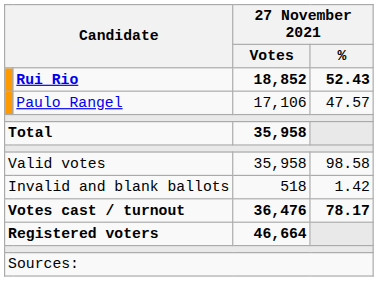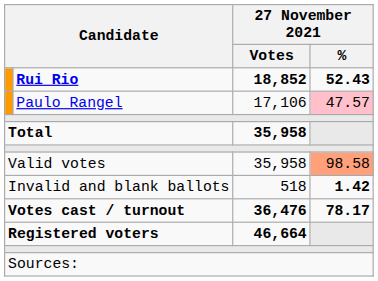 <table class="wikitable" style="text-align:right; font-size:97%;">
 <tr>
 <th rowspan="2" colspan="2" width="170">Candidate</th>
 <th colspan="2">27 November 2021</th>
 </tr>
 <tr>
 <th width="60">Votes</th>
 <th width="48">%</th>
 </tr>
 <tr>
 <td width="1" style="color:inherit;background:#FF9900"></td>
 <td align="left"><strong><a href='#'>Rui Rio</a></strong></td>
 <td><strong>18,852</strong></td>
 <td><strong>52.43</strong></td>
 </tr>
 <tr>
 <td style="color:inherit;background:#FF9900"></td>
 <td align="left"><a href='#'>Paulo Rangel</a></td>
 <td>17,106</td>
-<td>47.57</td>
+<td style="background: pink;">47.57</td>
 </tr>
 <tr>
 <td colspan="4" bgcolor="#E9E9E9"></td>
 </tr>
 <tr style="font-weight:bold;">
 <td align="left" colspan="2">Total</td>
 <td>35,958</td>
 <td bgcolor="#E9E9E9"></td>
 </tr>
 <tr>
 <td colspan="4" bgcolor="#E9E9E9"></td>
 </tr>
 <tr>
 <td align="left" colspan="2">Valid votes</td>
 <td>35,958</td>
-<td>98.58</td>
+<td style="background: lightsalmon;">98.58</td>
 </tr>
 <tr>
 <td align="left" colspan="2">Invalid and blank ballots</td>
 <td>518</td>
-<td>1.42</td>
+<td><strong>1.42</strong></td>
 </tr>
 <tr style="font-weight:bold;">
 <td align="left" colspan="2">Votes cast / turnout</td>
 <td>36,476</td>
 <td>78.17</td>
 </tr>
 <tr style="font-weight:bold;">
 <td align="left" colspan="2">Registered voters</td>
 <td>46,664</td>
 <td bgcolor="#E9E9E9"></td>
 </tr>
 <tr>
 <td colspan="4" bgcolor="#E9E9E9"></td>
 </tr>
 <tr>
 <td align="left" colspan="6">Sources: </td>
 </tr>
 </table>
